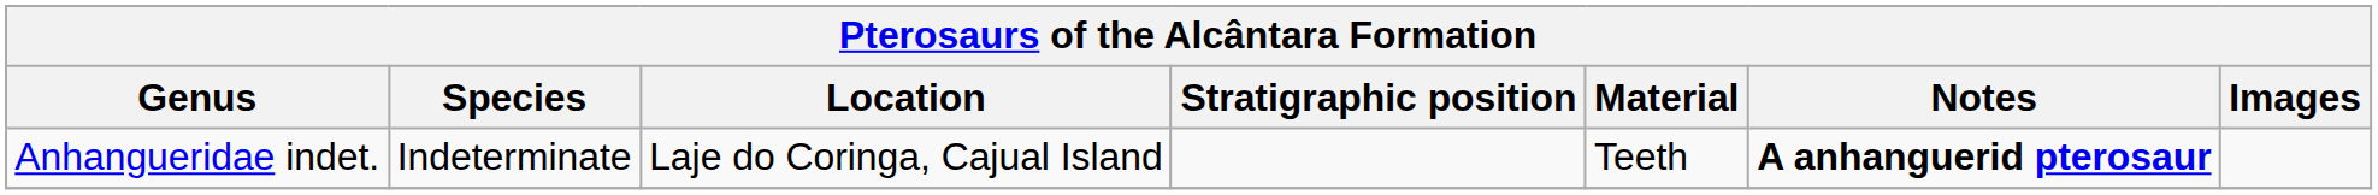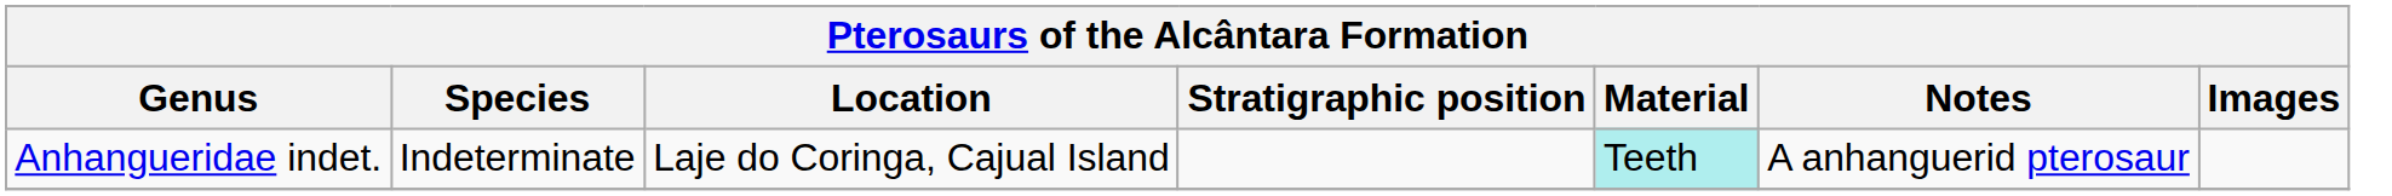 <table class="wikitable" align="center">
 <tr>
 <th colspan="7" align="center"><a href='#'>Pterosaurs</a> of the Alcântara Formation</th>
 </tr>
 <tr>
 <th>Genus</th>
 <th>Species</th>
 <th>Location</th>
 <th>Stratigraphic position</th>
 <th>Material</th>
 <th>Notes</th>
 <th>Images</th>
 </tr>
 <tr>
 <td><a href='#'>Anhangueridae</a> indet.</td>
 <td>Indeterminate</td>
 <td>Laje do Coringa, Cajual Island</td>
 <td></td>
-<td>Teeth</td>
-<td><strong>A anhanguerid <a href='#'>pterosaur</a></strong></td>
+<td style="background: paleturquoise;">Teeth</td>
+<td>A anhanguerid <a href='#'>pterosaur</a></td>
 <td></td>
 </tr>
 <tr>
 </tr>
 </table>
